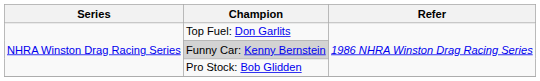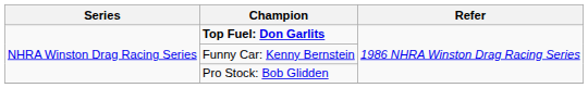 <table class="wikitable" style="font-size:87%;">
 <tr>
 <th>Series</th>
 <th>Champion</th>
 <th>Refer</th>
 </tr>
 <tr>
 <td rowspan=3><a href='#'>NHRA Winston Drag Racing Series</a></td>
-<td>Top Fuel:  <a href='#'>Don Garlits</a></td>
+<td><strong>Top Fuel:  <a href='#'>Don Garlits</a></strong></td>
 <td rowspan=3><em><a href='#'>1986 NHRA Winston Drag Racing Series</a></em></td>
 </tr>
 <tr>
-<td style="background: lightgrey;">Funny Car:  <a href='#'>Kenny Bernstein</a></td>
+<td>Funny Car:  <a href='#'>Kenny Bernstein</a></td>
 </tr>
 <tr>
 <td>Pro Stock:  <a href='#'>Bob Glidden</a></td>
 </tr>
 <tr>
 </tr>
 </table>
